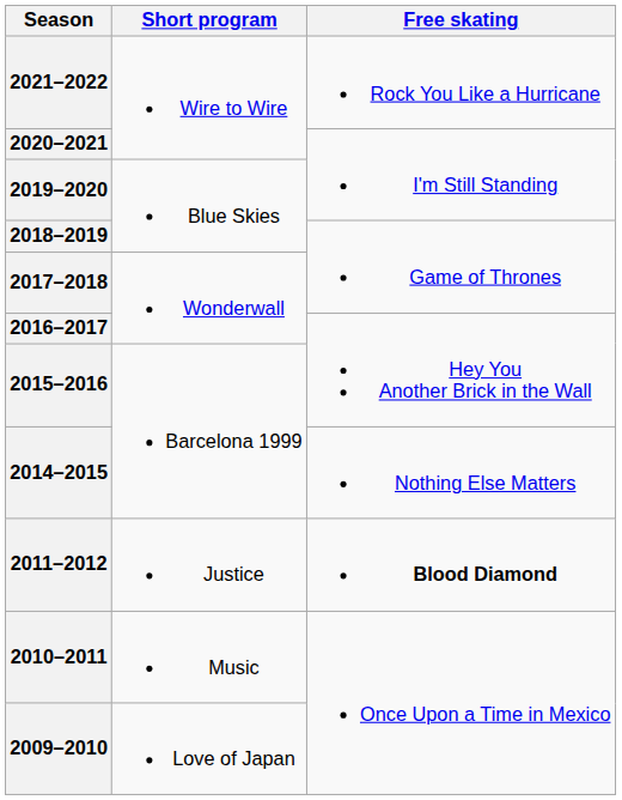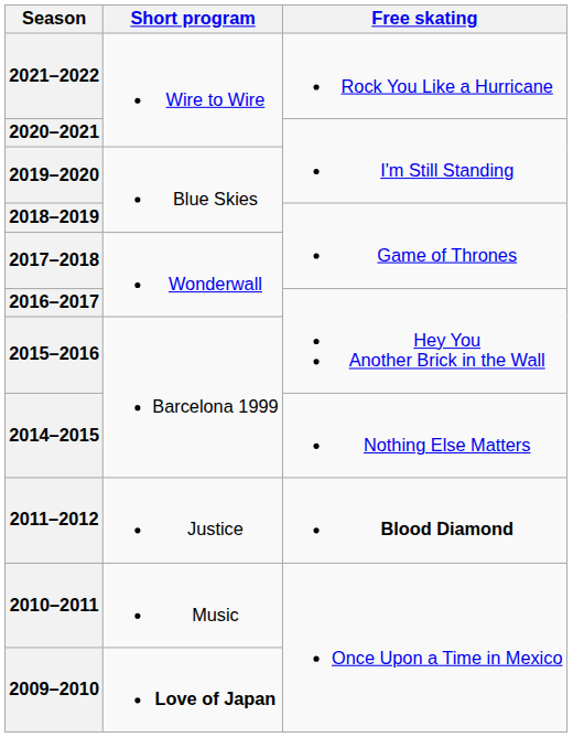 <table class=wikitable style=text-align:center>
 <tr>
 <th>Season</th>
 <th><a href='#'>Short program</a></th>
 <th><a href='#'>Free skating</a></th>
 </tr>
 <tr>
 <th>2021–2022 <br> </th>
 <td rowspan=2><br><ul><li><a href='#'>Wire to Wire</a> <br></li></ul></td>
 <td><br><ul><li><a href='#'>Rock You Like a Hurricane</a> <br> </li></ul></td>
 </tr>
 <tr>
 <th>2020–2021 <br> </th>
 <td rowspan=2><br><ul><li><a href='#'>I'm Still Standing</a> <br> </li></ul></td>
 </tr>
 <tr>
 <th>2019–2020 <br> </th>
 <td rowspan=2><br><ul><li>Blue Skies <br></li></ul></td>
 </tr>
 <tr>
 <th>2018–2019 <br> </th>
 <td rowspan=2><br><ul><li><a href='#'>Game of Thrones</a> <br> </li></ul></td>
 </tr>
 <tr>
 <th>2017–2018 <br> </th>
 <td rowspan=2><br><ul><li><a href='#'>Wonderwall</a> <br></li></ul></td>
 </tr>
 <tr>
 <th>2016–2017 <br> </th>
 <td rowspan=2><br><ul><li><a href='#'>Hey You</a> <br></li><li><a href='#'>Another Brick in the Wall</a> <br></li></ul></td>
 </tr>
 <tr>
 <th>2015–2016 <br> </th>
 <td rowspan=2><br><ul><li>Barcelona 1999</li></ul></td>
 </tr>
 <tr>
 <th>2014–2015 <br> </th>
 <td><br><ul><li><a href='#'>Nothing Else Matters</a> <br></li></ul></td>
 </tr>
 <tr>
 <th>2011–2012 <br> </th>
 <td><br><ul><li>Justice <br></li></ul></td>
 <td><strong><br><ul><li>Blood Diamond <br></li></ul></strong></td>
 </tr>
 <tr>
 <th>2010–2011 <br> </th>
 <td><br><ul><li>Music <br></li></ul></td>
 <td rowspan=2><br><ul><li><a href='#'>Once Upon a Time in Mexico</a> <br></li></ul></td>
 </tr>
 <tr>
 <th>2009–2010 <br> </th>
-<td><br><ul><li>Love of Japan</li></ul></td>
+<td><strong><br><ul><li>Love of Japan</li></ul></strong></td>
 </tr>
 </table>
